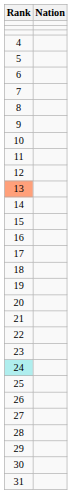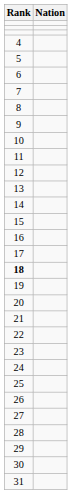 <table class="wikitable sortable" style="text-align:left">
 <tr>
 <th>Rank</th>
 <th>Nation</th>
 </tr>
 <tr>
 <td align="center"></td>
 <td></td>
 </tr>
 <tr>
 <td align="center"></td>
 <td></td>
 </tr>
 <tr>
 <td align="center"></td>
 <td></td>
 </tr>
 <tr>
 <td align="center">4</td>
 <td></td>
 </tr>
 <tr>
 <td align="center">5</td>
 <td></td>
 </tr>
 <tr>
 <td align="center">6</td>
 <td></td>
 </tr>
 <tr>
 <td align="center">7</td>
 <td></td>
 </tr>
 <tr>
 <td align="center">8</td>
 <td></td>
 </tr>
 <tr>
 <td align="center">9</td>
 <td></td>
 </tr>
 <tr>
 <td align="center">10</td>
 <td></td>
 </tr>
 <tr>
 <td align="center">11</td>
 <td></td>
 </tr>
 <tr>
 <td align="center">12</td>
 <td></td>
 </tr>
 <tr>
-<td align="center" style="background: lightsalmon;">13</td>
+<td align="center">13</td>
 <td></td>
 </tr>
 <tr>
 <td align="center">14</td>
 <td></td>
 </tr>
 <tr>
 <td align="center">15</td>
 <td></td>
 </tr>
 <tr>
 <td align="center">16</td>
 <td></td>
 </tr>
 <tr>
 <td align="center">17</td>
 <td></td>
 </tr>
 <tr>
-<td align="center">18</td>
+<td align="center"><strong>18</strong></td>
 <td></td>
 </tr>
 <tr>
 <td align="center">19</td>
 <td></td>
 </tr>
 <tr>
 <td align="center">20</td>
 <td></td>
 </tr>
 <tr>
 <td align="center">21</td>
 <td></td>
 </tr>
 <tr>
 <td align="center">22</td>
 <td></td>
 </tr>
 <tr>
 <td align="center">23</td>
 <td></td>
 </tr>
 <tr>
-<td align="center" style="background: paleturquoise;">24</td>
+<td align="center">24</td>
 <td></td>
 </tr>
 <tr>
 <td align="center">25</td>
 <td></td>
 </tr>
 <tr>
 <td align="center">26</td>
 <td></td>
 </tr>
 <tr>
 <td align="center">27</td>
 <td></td>
 </tr>
 <tr>
 <td align="center">28</td>
 <td></td>
 </tr>
 <tr>
 <td align="center">29</td>
 <td></td>
 </tr>
 <tr>
 <td align="center">30</td>
 <td></td>
 </tr>
 <tr>
 <td align="center">31</td>
 <td></td>
 </tr>
 </table>
